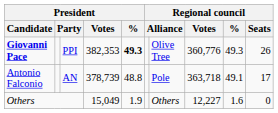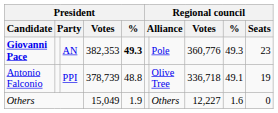 <table class="wikitable" style="text-align:right; style="width=65%">
 <tr>
 <th colspan="5">President</th>
 <th colspan="7">Regional council</th>
 </tr>
 <tr>
 <th>Candidate</th>
 <th colspan="2">Party</th>
 <th>Votes</th>
 <th>%</th>
 <th colspan="2">Alliance</th>
 <th>Votes</th>
 <th>%</th>
 <th>Seats</th>
 </tr>
 <tr>
 <td style="text-align:left"><strong><a href='#'>Giovanni Pace</a></strong></td>
 <td></td>
-<td style="text-align:left"><a href='#'>PPI</a></td>
+<td style="text-align:left"><a href='#'>AN</a></td>
 <td>382,353</td>
 <td><strong>49.3</strong></td>
 <td></td>
-<td style="text-align:left"><a href='#'>Olive Tree</a></td>
+<td style="text-align:left"><a href='#'>Pole</a></td>
 <td>360,776</td>
 <td>49.3</td>
-<td>26</td>
+<td>23</td>
 </tr>
 <tr>
 <td style="text-align:left"><a href='#'>Antonio Falconio</a></td>
 <td></td>
-<td style="text-align:left"><a href='#'>AN</a></td>
+<td style="text-align:left"><a href='#'>PPI</a></td>
 <td>378,739</td>
 <td>48.8</td>
 <td></td>
-<td style="text-align:left"><a href='#'>Pole</a></td>
-<td>363,718</td>
+<td style="text-align:left"><a href='#'>Olive Tree</a></td>
+<td>336,718</td>
 <td>49.1</td>
-<td>17</td>
+<td>19</td>
 </tr>
 <tr>
 <td colspan="3" style="text-align:left"><em>Others</em></td>
 <td>15,049</td>
 <td>1.9</td>
 <td></td>
 <td style="text-align:left"><em>Others</em></td>
 <td>12,227</td>
 <td>1.6</td>
 <td>0</td>
 </tr>
 </table>
